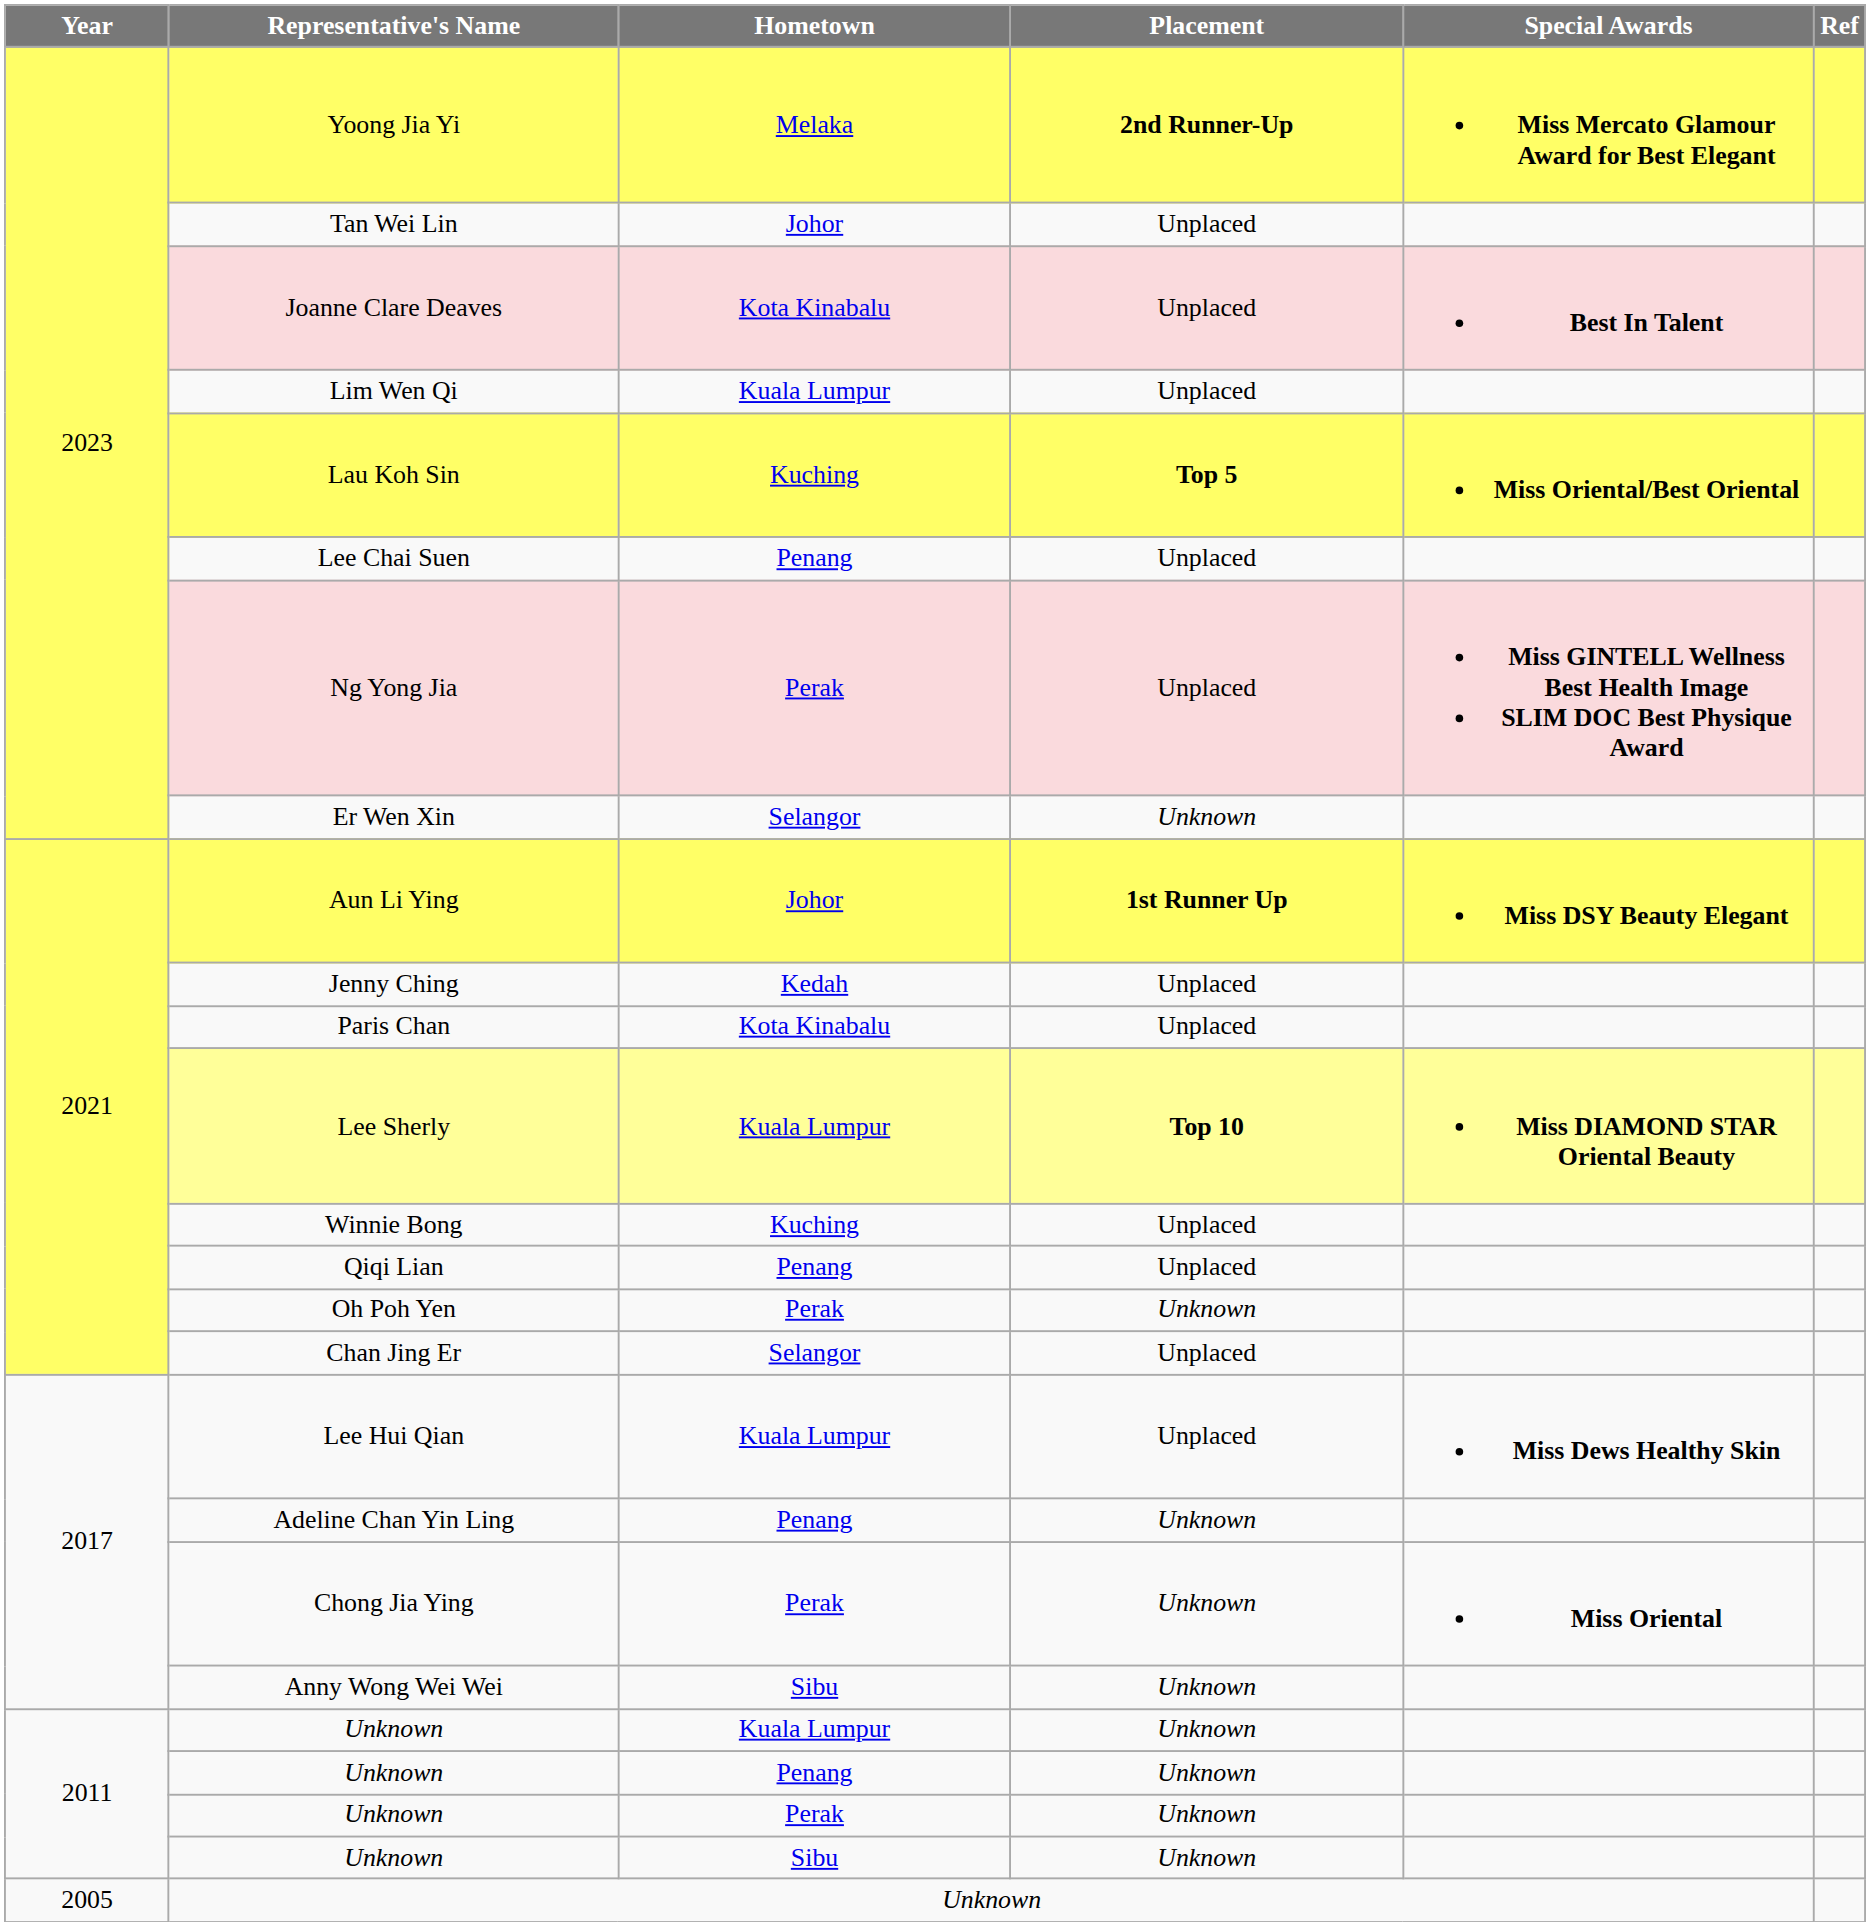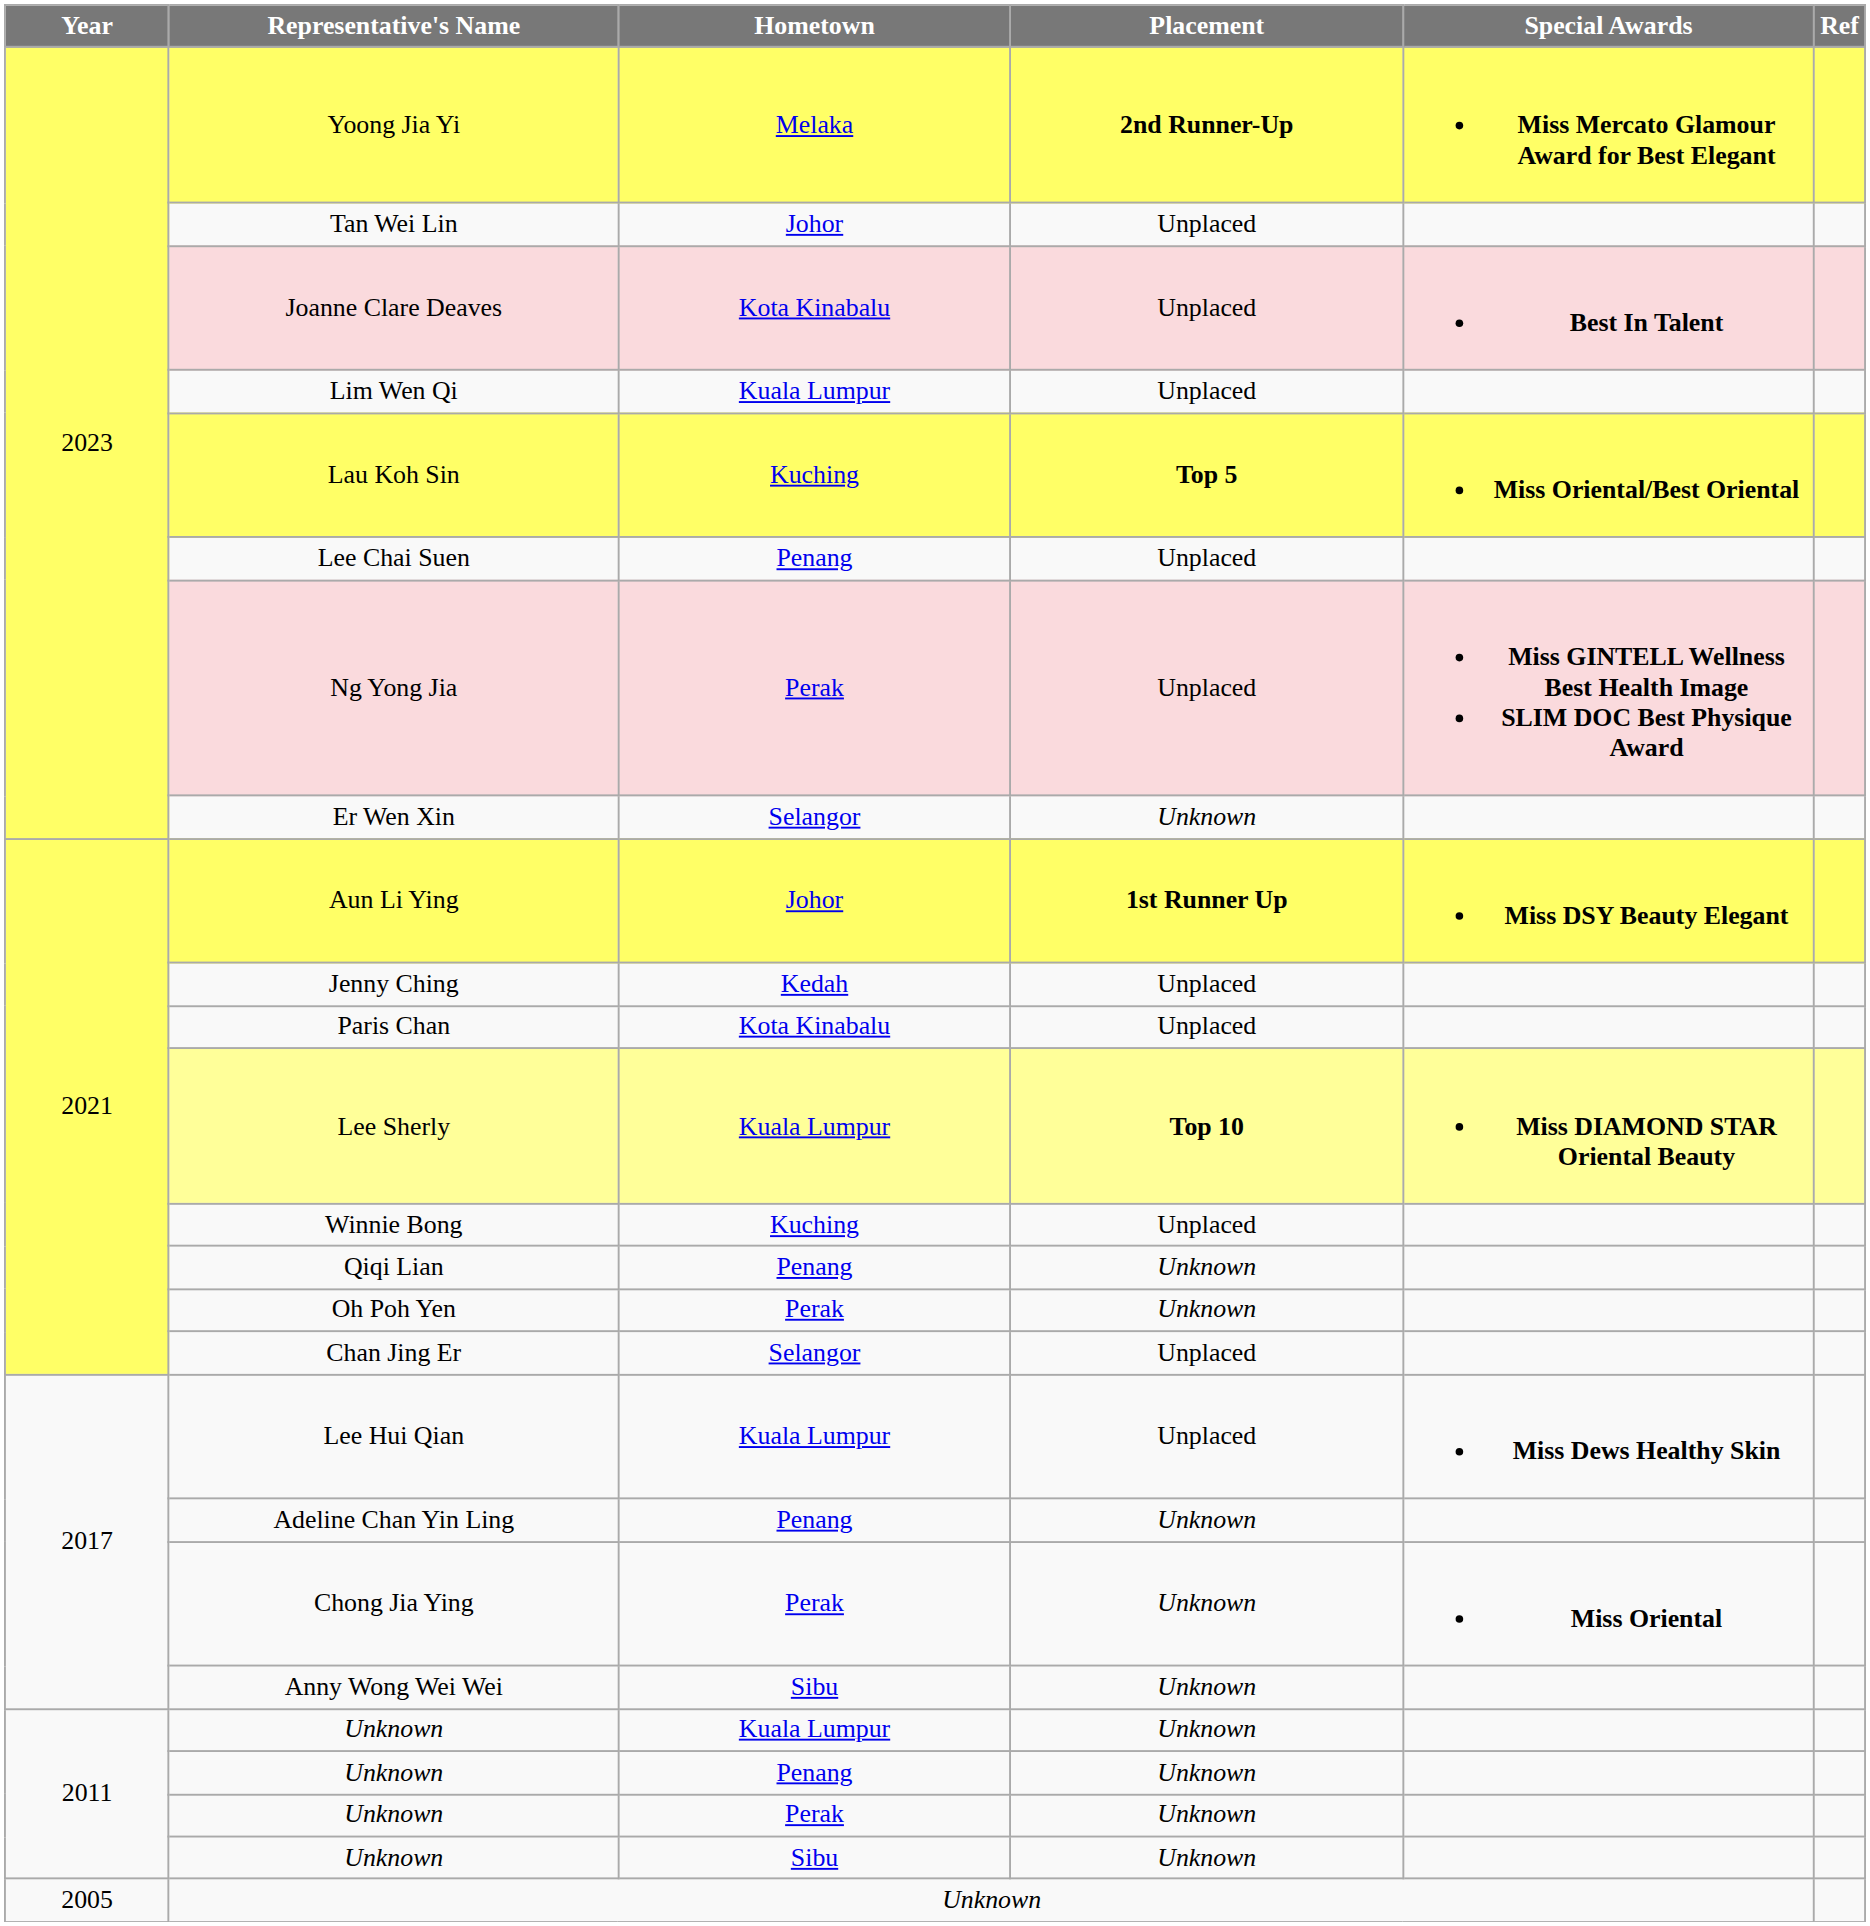 <table class="wikitable sortable" style="font-size: 85%; text-align:center">
 <tr>
 <th width="80" style="background-color:#787878;color:#FFFFFF;">Year</th>
 <th width="230" style="background-color:#787878;color:#FFFFFF;">Representative's Name</th>
 <th width="200" style="background-color:#787878;color:#FFFFFF;">Hometown</th>
 <th width="200" style="background-color:#787878;color:#FFFFFF;">Placement</th>
 <th width="210" style="background-color:#787878;color:#FFFFFF;">Special Awards</th>
 <th width="8" style="background-color:#787878;color:#FFFFFF;">Ref</th>
 </tr>
 <tr style="background-color:#FFFF66">
 <td rowspan="8">2023</td>
 <td>Yoong Jia Yi</td>
 <td><a href='#'>Melaka</a></td>
 <td><strong>2nd Runner-Up</strong></td>
 <td><br><ul><li><strong>Miss Mercato Glamour Award for Best Elegant</strong></li></ul></td>
 <td></td>
 </tr>
 <tr>
 <td>Tan Wei Lin</td>
 <td><a href='#'>Johor</a></td>
 <td>Unplaced</td>
 <td></td>
 <td></td>
 </tr>
 <tr style="background-color:#FADADD;: bold">
 <td>Joanne Clare Deaves</td>
 <td><a href='#'>Kota Kinabalu</a></td>
 <td>Unplaced</td>
 <td><br><ul><li><strong>Best In Talent</strong></li></ul></td>
 <td></td>
 </tr>
 <tr>
 <td>Lim Wen Qi</td>
 <td><a href='#'>Kuala Lumpur</a></td>
 <td>Unplaced</td>
 <td></td>
 <td></td>
 </tr>
 <tr style="background-color:#FFFF66">
 <td>Lau Koh Sin</td>
 <td><a href='#'>Kuching</a></td>
 <td><strong>Top 5</strong></td>
 <td><br><ul><li><strong>Miss Oriental/Best Oriental</strong></li></ul></td>
 <td></td>
 </tr>
 <tr>
 <td>Lee Chai Suen</td>
 <td><a href='#'>Penang</a></td>
 <td>Unplaced</td>
 <td></td>
 <td></td>
 </tr>
 <tr style="background-color:#FADADD;: bold">
 <td>Ng Yong Jia</td>
 <td><a href='#'>Perak</a></td>
 <td>Unplaced</td>
 <td><br><ul><li><strong>Miss GINTELL Wellness Best Health Image</strong></li><li><strong>SLIM DOC Best Physique Award</strong></li></ul></td>
 <td></td>
 </tr>
 <tr>
 <td>Er Wen Xin</td>
 <td><a href='#'>Selangor</a></td>
 <td><em>Unknown</em></td>
 <td></td>
 <td></td>
 </tr>
 <tr style="background-color:#FFFF66">
 <td rowspan="8">2021</td>
 <td>Aun Li Ying</td>
 <td><a href='#'>Johor</a></td>
 <td><strong>1st Runner Up</strong></td>
 <td><br><ul><li><strong>Miss DSY Beauty Elegant</strong></li></ul></td>
 <td></td>
 </tr>
 <tr>
 <td>Jenny Ching</td>
 <td><a href='#'>Kedah</a></td>
 <td>Unplaced</td>
 <td></td>
 <td></td>
 </tr>
 <tr>
 <td>Paris Chan</td>
 <td><a href='#'>Kota Kinabalu</a></td>
 <td>Unplaced</td>
 <td></td>
 <td></td>
 </tr>
 <tr style="background-color:#FFFF99">
 <td>Lee Sherly</td>
 <td><a href='#'>Kuala Lumpur</a></td>
 <td><strong>Top 10</strong></td>
 <td><br><ul><li><strong>Miss DIAMOND STAR Oriental Beauty</strong></li></ul></td>
 <td></td>
 </tr>
 <tr>
 <td>Winnie Bong</td>
 <td><a href='#'>Kuching</a></td>
 <td>Unplaced</td>
 <td></td>
 <td></td>
 </tr>
 <tr>
 <td>Qiqi Lian</td>
 <td><a href='#'>Penang</a></td>
-<td>Unplaced</td>
+<td><em>Unknown</em></td>
 <td></td>
 <td></td>
 </tr>
 <tr>
 <td>Oh Poh Yen</td>
 <td><a href='#'>Perak</a></td>
 <td><em>Unknown</em></td>
 <td></td>
 <td></td>
 </tr>
 <tr>
 <td>Chan Jing Er</td>
 <td><a href='#'>Selangor</a></td>
 <td>Unplaced</td>
 <td></td>
 <td></td>
 </tr>
 <tr>
 <td rowspan="4">2017</td>
 <td>Lee Hui Qian</td>
 <td><a href='#'>Kuala Lumpur</a></td>
 <td>Unplaced</td>
 <td><br><ul><li><strong>Miss Dews Healthy Skin</strong></li></ul></td>
 <td></td>
 </tr>
 <tr>
 <td>Adeline Chan Yin Ling</td>
 <td><a href='#'>Penang</a></td>
 <td><em>Unknown</em></td>
 <td></td>
 <td></td>
 </tr>
 <tr>
 <td>Chong Jia Ying</td>
 <td><a href='#'>Perak</a></td>
 <td><em>Unknown</em></td>
 <td><br><ul><li><strong>Miss Oriental</strong></li></ul></td>
 <td></td>
 </tr>
 <tr>
 <td>Anny Wong Wei Wei</td>
 <td><a href='#'>Sibu</a></td>
 <td><em>Unknown</em></td>
 <td></td>
 <td></td>
 </tr>
 <tr>
 <td rowspan="4">2011</td>
 <td><em>Unknown</em></td>
 <td><a href='#'>Kuala Lumpur</a></td>
 <td><em>Unknown</em></td>
 <td></td>
 <td></td>
 </tr>
 <tr>
 <td><em>Unknown</em></td>
 <td><a href='#'>Penang</a></td>
 <td><em>Unknown</em></td>
 <td></td>
 <td></td>
 </tr>
 <tr>
 <td><em>Unknown</em></td>
 <td><a href='#'>Perak</a></td>
 <td><em>Unknown</em></td>
 <td></td>
 <td></td>
 </tr>
 <tr>
 <td><em>Unknown</em></td>
 <td><a href='#'>Sibu</a></td>
 <td><em>Unknown</em></td>
 <td></td>
 <td></td>
 </tr>
 <tr>
 <td>2005</td>
 <td colspan="4"><em>Unknown</em></td>
 <td></td>
 </tr>
 </table>
